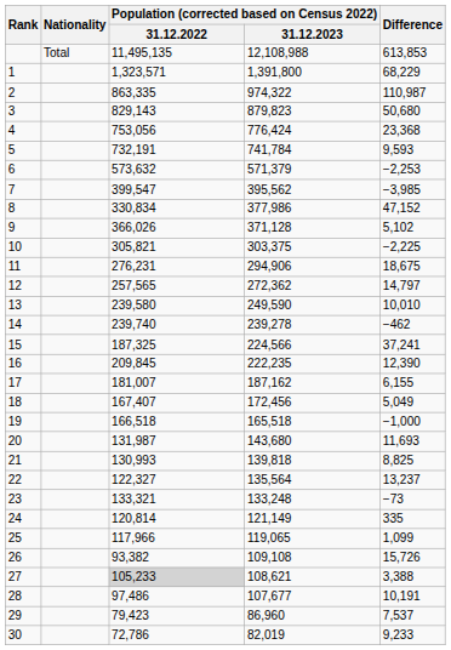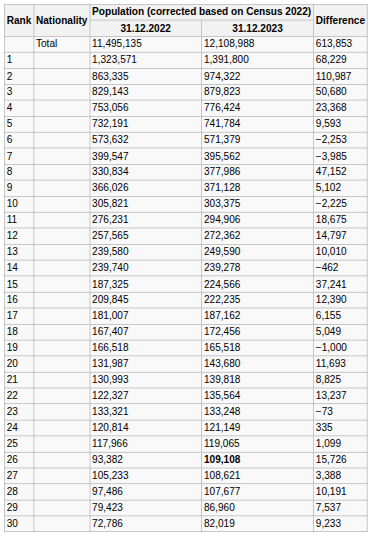 <table class="wikitable sortable">
 <tr>
 <th rowspan=2>Rank</th>
 <th rowspan=2>Nationality</th>
 <th colspan=2>Population (corrected based on Census 2022)</th>
 <th rowspan=2 data-sort-type="number">Difference</th>
 </tr>
 <tr>
 <th data-sort-type="number">31.12.2022</th>
 <th data-sort-type="number">31.12.2023</th>
 </tr>
 <tr>
 <td></td>
 <td>Total</td>
 <td>11,495,135</td>
 <td>12,108,988</td>
 <td>613,853 </td>
 </tr>
 <tr>
 <td>1</td>
 <td></td>
 <td>1,323,571</td>
 <td>1,391,800</td>
 <td>68,229 </td>
 </tr>
 <tr>
 <td>2</td>
 <td></td>
 <td>863,335</td>
 <td>974,322</td>
 <td>110,987 </td>
 </tr>
 <tr>
 <td>3</td>
 <td></td>
 <td>829,143</td>
 <td>879,823</td>
 <td>50,680 </td>
 </tr>
 <tr>
 <td>4</td>
 <td></td>
 <td>753,056</td>
 <td>776,424</td>
 <td>23,368 </td>
 </tr>
 <tr>
 <td>5</td>
 <td></td>
 <td>732,191</td>
 <td>741,784</td>
 <td>9,593 </td>
 </tr>
 <tr>
 <td>6</td>
 <td></td>
 <td>573,632</td>
 <td>571,379</td>
 <td>−2,253 </td>
 </tr>
 <tr>
 <td>7</td>
 <td></td>
 <td>399,547</td>
 <td>395,562</td>
 <td>−3,985 </td>
 </tr>
 <tr>
 <td>8</td>
 <td></td>
 <td>330,834</td>
 <td>377,986</td>
 <td>47,152 </td>
 </tr>
 <tr>
 <td>9</td>
 <td></td>
 <td>366,026</td>
 <td>371,128</td>
 <td>5,102 </td>
 </tr>
 <tr>
 <td>10</td>
 <td></td>
 <td>305,821</td>
 <td>303,375</td>
 <td>−2,225 </td>
 </tr>
 <tr>
 <td>11</td>
 <td></td>
 <td>276,231</td>
 <td>294,906</td>
 <td>18,675 </td>
 </tr>
 <tr>
 <td>12</td>
 <td></td>
 <td>257,565</td>
 <td>272,362</td>
 <td>14,797 </td>
 </tr>
 <tr>
 <td>13</td>
 <td></td>
 <td>239,580</td>
 <td>249,590</td>
 <td>10,010 </td>
 </tr>
 <tr>
 <td>14</td>
 <td></td>
 <td>239,740</td>
 <td>239,278</td>
 <td>−462 </td>
 </tr>
 <tr>
 <td>15</td>
 <td></td>
 <td>187,325</td>
 <td>224,566</td>
 <td>37,241 </td>
 </tr>
 <tr>
 <td>16</td>
 <td></td>
 <td>209,845</td>
 <td>222,235</td>
 <td>12,390 </td>
 </tr>
 <tr>
 <td>17</td>
 <td></td>
 <td>181,007</td>
 <td>187,162</td>
 <td>6,155 </td>
 </tr>
 <tr>
 <td>18</td>
 <td></td>
 <td>167,407</td>
 <td>172,456</td>
 <td>5,049 </td>
 </tr>
 <tr>
 <td>19</td>
 <td></td>
 <td>166,518</td>
 <td>165,518</td>
 <td>−1,000 </td>
 </tr>
 <tr>
 <td>20</td>
 <td></td>
 <td>131,987</td>
 <td>143,680</td>
 <td>11,693 </td>
 </tr>
 <tr>
 <td>21</td>
 <td></td>
 <td>130,993</td>
 <td>139,818</td>
 <td>8,825 </td>
 </tr>
 <tr>
 <td>22</td>
 <td></td>
 <td>122,327</td>
 <td>135,564</td>
 <td>13,237 </td>
 </tr>
 <tr>
 <td>23</td>
 <td></td>
 <td>133,321</td>
 <td>133,248</td>
 <td>−73 </td>
 </tr>
 <tr>
 <td>24</td>
 <td></td>
 <td>120,814</td>
 <td>121,149</td>
 <td>335 </td>
 </tr>
 <tr>
 <td>25</td>
 <td></td>
 <td>117,966</td>
 <td>119,065</td>
 <td>1,099 </td>
 </tr>
 <tr>
 <td>26</td>
 <td></td>
 <td>93,382</td>
-<td>109,108</td>
+<td><strong>109,108</strong></td>
 <td>15,726 </td>
 </tr>
 <tr>
 <td>27</td>
 <td></td>
-<td style="background: lightgrey;">105,233</td>
+<td>105,233</td>
 <td>108,621</td>
 <td>3,388 </td>
 </tr>
 <tr>
 <td>28</td>
 <td></td>
 <td>97,486</td>
 <td>107,677</td>
 <td>10,191 </td>
 </tr>
 <tr>
 <td>29</td>
 <td></td>
 <td>79,423</td>
 <td>86,960</td>
 <td>7,537 </td>
 </tr>
 <tr>
 <td>30</td>
 <td></td>
 <td>72,786</td>
 <td>82,019</td>
 <td>9,233 </td>
 </tr>
 </table>
